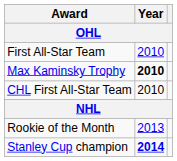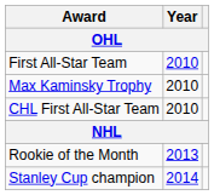 <table class="wikitable">
 <tr>
 <th>Award</th>
 <th>Year</th>
 <th></th>
 </tr>
 <tr>
 <th colspan="3"><a href='#'>OHL</a></th>
 </tr>
 <tr>
 <td>First All-Star Team</td>
 <td><a href='#'>2010</a></td>
 <td></td>
 </tr>
 <tr>
 <td><a href='#'>Max Kaminsky Trophy</a></td>
-<td><strong>2010</strong></td>
+<td>2010</td>
 <td></td>
 </tr>
 <tr>
 <td><a href='#'>CHL</a> First All-Star Team</td>
 <td>2010</td>
 <td></td>
 </tr>
 <tr>
 <th colspan="3"><a href='#'>NHL</a></th>
 </tr>
 <tr>
 <td>Rookie of the Month</td>
 <td><a href='#'>2013</a></td>
 <td></td>
 </tr>
 <tr>
 <td><a href='#'>Stanley Cup</a> champion</td>
-<td><strong><a href='#'>2014</a></strong></td>
+<td><a href='#'>2014</a></td>
 <td></td>
 </tr>
 </table>
